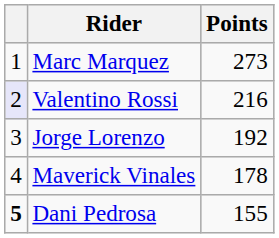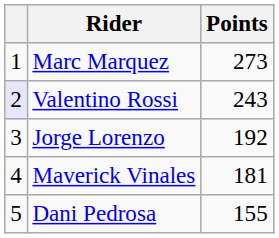 <table class="wikitable" style="font-size: 95%;">
 <tr>
 <th></th>
 <th>Rider</th>
 <th>Points</th>
 </tr>
 <tr>
 <td align=center>1</td>
 <td> <a href='#'>Marc Marquez</a></td>
 <td align=right>273</td>
 </tr>
 <tr>
 <td align=center style="background: lavender;">2</td>
 <td> <a href='#'>Valentino Rossi</a></td>
-<td align=right>216</td>
+<td align=right>243</td>
 </tr>
 <tr>
 <td align=center>3</td>
 <td> <a href='#'>Jorge Lorenzo</a></td>
 <td align=right>192</td>
 </tr>
 <tr>
 <td align=center>4</td>
 <td> <a href='#'>Maverick Vinales</a></td>
-<td align=right>178</td>
+<td align=right>181</td>
 </tr>
 <tr>
-<td align=center><strong>5</strong></td>
+<td align=center>5</td>
 <td> <a href='#'>Dani Pedrosa</a></td>
 <td align=right>155</td>
 </tr>
 </table>
